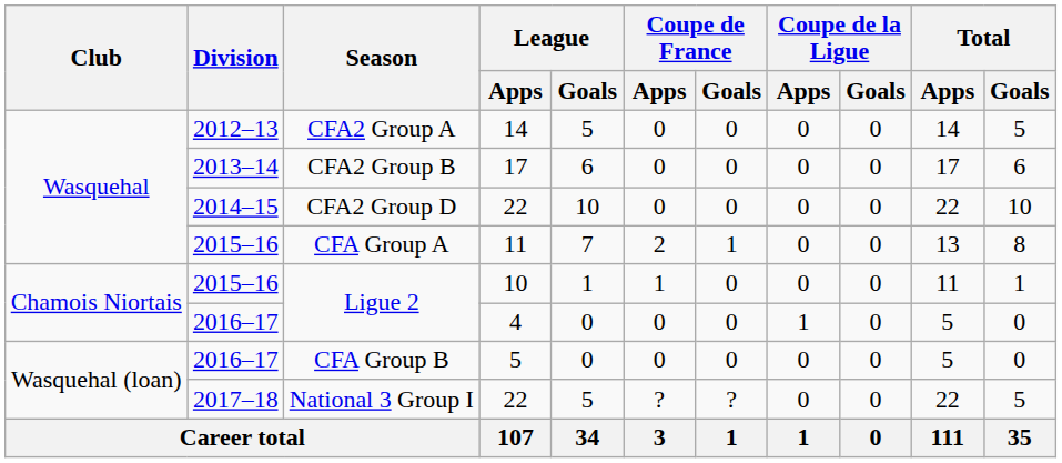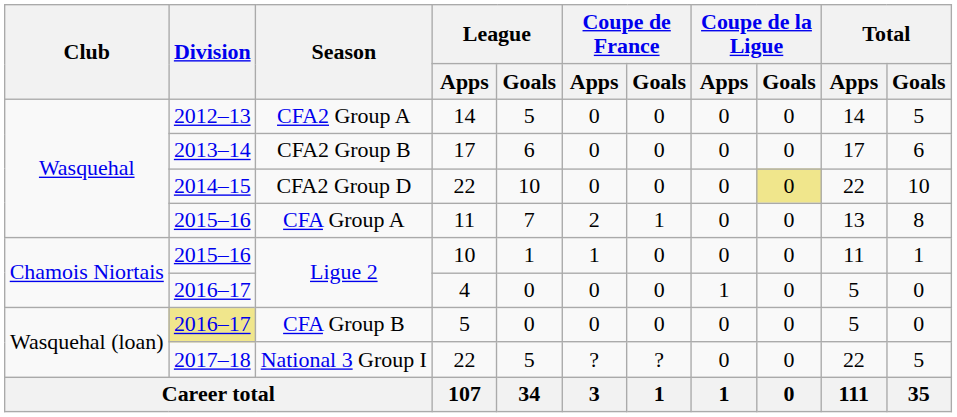 <table class="wikitable" style="text-align:center">
 <tr>
 <th rowspan="2">Club</th>
 <th rowspan="2"><a href='#'>Division</a></th>
 <th rowspan="2">Season</th>
 <th colspan="2">League</th>
 <th colspan="2"><a href='#'>Coupe de France</a></th>
 <th colspan="2"><a href='#'>Coupe de la Ligue</a></th>
 <th colspan="2">Total</th>
 </tr>
 <tr>
 <th width="40">Apps</th>
 <th width="40">Goals</th>
 <th width="40">Apps</th>
 <th width="40">Goals</th>
 <th width="40">Apps</th>
 <th width="40">Goals</th>
 <th width="40">Apps</th>
 <th width="40">Goals</th>
 </tr>
 <tr>
 <td rowspan="4"><a href='#'>Wasquehal</a></td>
 <td><a href='#'>2012–13</a></td>
 <td><a href='#'>CFA2</a> Group A</td>
 <td>14</td>
 <td>5</td>
 <td>0</td>
 <td>0</td>
 <td>0</td>
 <td>0</td>
 <td>14</td>
 <td>5</td>
 </tr>
 <tr>
 <td><a href='#'>2013–14</a></td>
 <td>CFA2 Group B</td>
 <td>17</td>
 <td>6</td>
 <td>0</td>
 <td>0</td>
 <td>0</td>
 <td>0</td>
 <td>17</td>
 <td>6</td>
 </tr>
 <tr>
 <td><a href='#'>2014–15</a></td>
 <td>CFA2 Group D</td>
 <td>22</td>
 <td>10</td>
 <td>0</td>
 <td>0</td>
 <td>0</td>
-<td>0</td>
+<td style="background: khaki;">0</td>
 <td>22</td>
 <td>10</td>
 </tr>
 <tr>
 <td><a href='#'>2015–16</a></td>
 <td><a href='#'>CFA</a> Group A</td>
 <td>11</td>
 <td>7</td>
 <td>2</td>
 <td>1</td>
 <td>0</td>
 <td>0</td>
 <td>13</td>
 <td>8</td>
 </tr>
 <tr>
 <td rowspan="2"><a href='#'>Chamois Niortais</a></td>
 <td><a href='#'>2015–16</a></td>
 <td rowspan="2"><a href='#'>Ligue 2</a></td>
 <td>10</td>
 <td>1</td>
 <td>1</td>
 <td>0</td>
 <td>0</td>
 <td>0</td>
 <td>11</td>
 <td>1</td>
 </tr>
 <tr>
 <td><a href='#'>2016–17</a></td>
 <td>4</td>
 <td>0</td>
 <td>0</td>
 <td>0</td>
 <td>1</td>
 <td>0</td>
 <td>5</td>
 <td>0</td>
 </tr>
 <tr>
 <td rowspan="2">Wasquehal (loan)</td>
-<td><a href='#'>2016–17</a></td>
+<td style="background: khaki;"><a href='#'>2016–17</a></td>
 <td><a href='#'>CFA</a> Group B</td>
 <td>5</td>
 <td>0</td>
 <td>0</td>
 <td>0</td>
 <td>0</td>
 <td>0</td>
 <td>5</td>
 <td>0</td>
 </tr>
 <tr>
 <td><a href='#'>2017–18</a></td>
 <td><a href='#'>National 3</a> Group I</td>
 <td>22</td>
 <td>5</td>
 <td>?</td>
 <td>?</td>
 <td>0</td>
 <td>0</td>
 <td>22</td>
 <td>5</td>
 </tr>
 <tr>
 <th colspan="3">Career total</th>
 <th>107</th>
 <th>34</th>
 <th>3</th>
 <th>1</th>
 <th>1</th>
 <th>0</th>
 <th>111</th>
 <th>35</th>
 </tr>
 </table>
